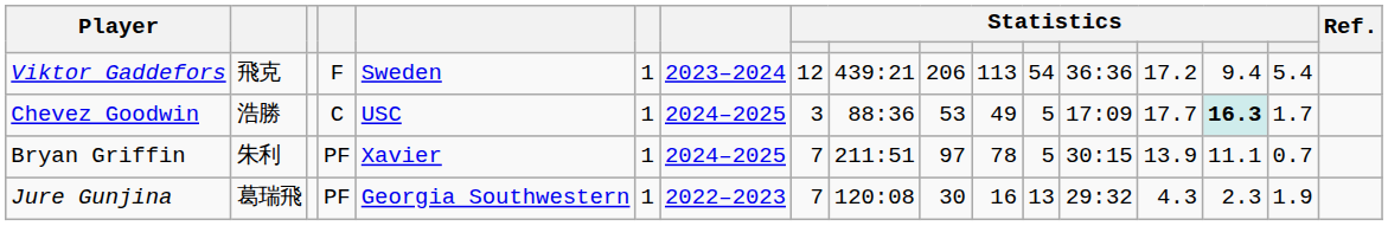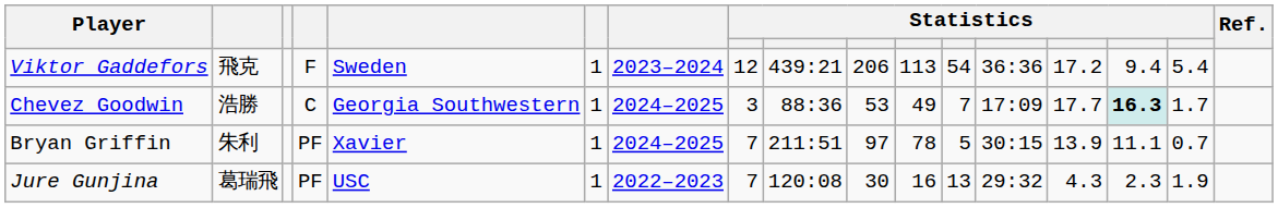 <table class="wikitable sortable" style="font-size:95%; text-align:right;">
 <tr>
 <th rowspan="2">Player</th>
 <th rowspan="2"></th>
 <th rowspan="2"></th>
 <th rowspan="2"></th>
 <th rowspan="2"></th>
 <th rowspan="2"></th>
 <th rowspan="2"></th>
 <th colspan="9">Statistics</th>
 <th rowspan="2">Ref.</th>
 </tr>
 <tr>
 <th></th>
 <th></th>
 <th></th>
 <th></th>
 <th></th>
 <th></th>
 <th></th>
 <th></th>
 <th></th>
 </tr>
 <tr>
 <td align="left"><em><a href='#'>Viktor Gaddefors</a></em></td>
 <td align="left">飛克</td>
 <td align="center"></td>
 <td align="center">F</td>
 <td align="left"><a href='#'>Sweden</a></td>
 <td align="center">1</td>
 <td align="center"><a href='#'>2023–2024</a></td>
 <td>12</td>
 <td>439:21</td>
 <td>206</td>
 <td>113</td>
 <td>54</td>
 <td>36:36</td>
 <td>17.2</td>
 <td>9.4</td>
 <td>5.4</td>
 <td align="center"></td>
 </tr>
 <tr>
 <td align="left"><a href='#'>Chevez Goodwin</a></td>
 <td align="left">浩勝</td>
 <td align="center"></td>
 <td align="center">C</td>
-<td align="left"><a href='#'>USC</a></td>
+<td align="left"><a href='#'>Georgia Southwestern</a></td>
 <td align="center">1</td>
 <td align="center"><a href='#'>2024–2025</a></td>
 <td>3</td>
 <td>88:36</td>
 <td>53</td>
 <td>49</td>
-<td>5</td>
+<td>7</td>
 <td>17:09</td>
 <td>17.7</td>
 <td bgcolor="#CFECEC"><strong>16.3</strong></td>
 <td>1.7</td>
 <td align="center"></td>
 </tr>
 <tr>
 <td align="left">Bryan Griffin</td>
 <td align="left">朱利</td>
 <td align="center"></td>
 <td align="center">PF</td>
 <td align="left"><a href='#'>Xavier</a></td>
 <td align="center">1</td>
 <td align="center"><a href='#'>2024–2025</a></td>
 <td>7</td>
 <td>211:51</td>
 <td>97</td>
 <td>78</td>
 <td>5</td>
 <td>30:15</td>
 <td>13.9</td>
 <td>11.1</td>
 <td>0.7</td>
 <td align="center"></td>
 </tr>
 <tr>
 <td align="left"><em>Jure Gunjina</em></td>
 <td align="left">葛瑞飛</td>
 <td align="center"></td>
 <td align="center">PF</td>
-<td align="left"><a href='#'>Georgia Southwestern</a></td>
+<td align="left"><a href='#'>USC</a></td>
 <td align="center">1</td>
 <td align="center"><a href='#'>2022–2023</a></td>
 <td>7</td>
 <td>120:08</td>
 <td>30</td>
 <td>16</td>
 <td>13</td>
 <td>29:32</td>
 <td>4.3</td>
 <td>2.3</td>
 <td>1.9</td>
 <td align="center"></td>
 </tr>
 </table>
